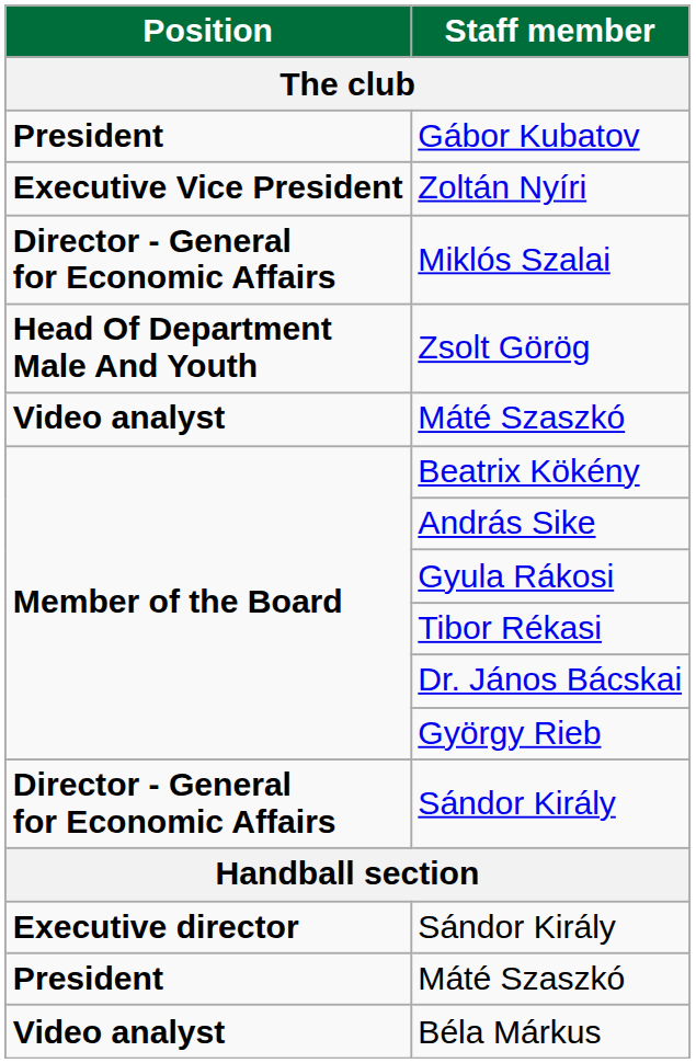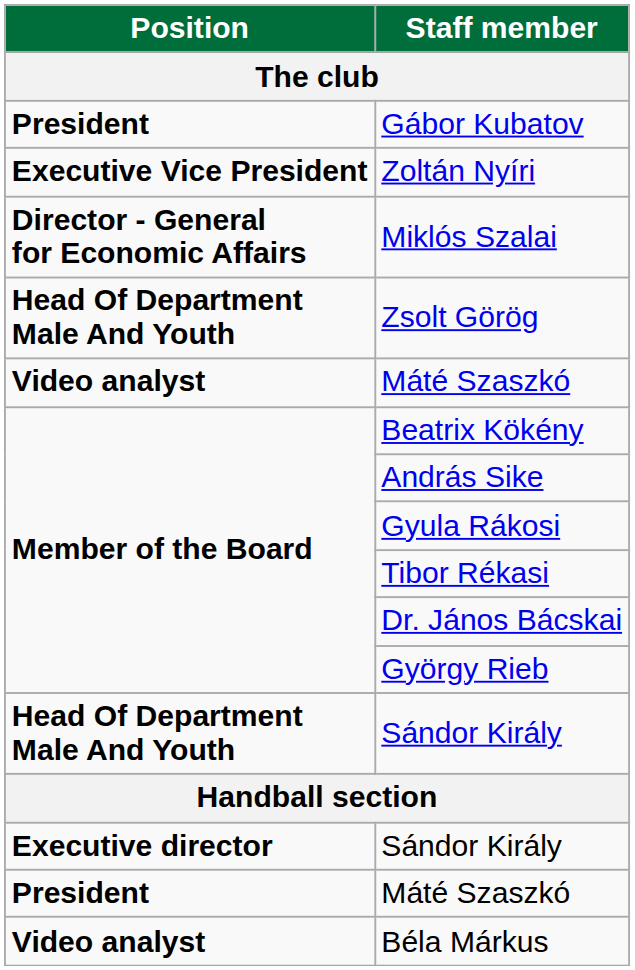 <table class="wikitable">
 <tr>
 <th style="color:white; background:#006E3B">Position</th>
 <th style="color:white; background:#006E3B">Staff member</th>
 </tr>
 <tr>
 <th colspan=2>The club</th>
 </tr>
 <tr>
 <td><strong>President</strong></td>
 <td> <a href='#'>Gábor Kubatov</a></td>
 </tr>
 <tr>
 <td><strong>Executive Vice President</strong></td>
 <td> <a href='#'>Zoltán Nyíri</a></td>
 </tr>
 <tr>
 <td><strong>Director - General<br>for Economic Affairs</strong></td>
 <td> <a href='#'>Miklós Szalai</a></td>
 </tr>
 <tr>
 <td><strong>Head Of Department<br>Male And Youth</strong></td>
 <td> <a href='#'>Zsolt Görög</a></td>
 </tr>
 <tr>
 <td><strong>Video analyst</strong></td>
 <td> <a href='#'>Máté Szaszkó</a></td>
 </tr>
 <tr>
 <td rowspan=6><strong>Member of the Board</strong></td>
 <td> <a href='#'>Beatrix Kökény</a></td>
 </tr>
 <tr>
 <td> <a href='#'>András Sike</a></td>
 </tr>
 <tr>
 <td> <a href='#'>Gyula Rákosi</a></td>
 </tr>
 <tr>
 <td> <a href='#'>Tibor Rékasi</a></td>
 </tr>
 <tr>
 <td> <a href='#'>Dr. János Bácskai</a></td>
 </tr>
 <tr>
 <td> <a href='#'>György Rieb</a></td>
 </tr>
 <tr>
-<td><strong>Director - General<br>for Economic Affairs</strong></td>
+<td><strong>Head Of Department<br>Male And Youth</strong></td>
 <td> <a href='#'>Sándor Király</a></td>
 </tr>
 <tr>
 <th colspan=2>Handball section</th>
 </tr>
 <tr>
 <td><strong>Executive director</strong></td>
 <td>Sándor Király</td>
 </tr>
 <tr>
 <td><strong>President</strong></td>
 <td>Máté Szaszkó</td>
 </tr>
 <tr>
 <td><strong>Video analyst</strong></td>
 <td>Béla Márkus</td>
 </tr>
 </table>
